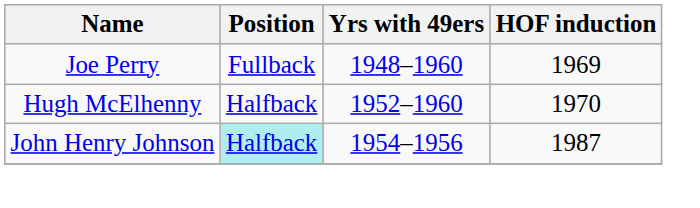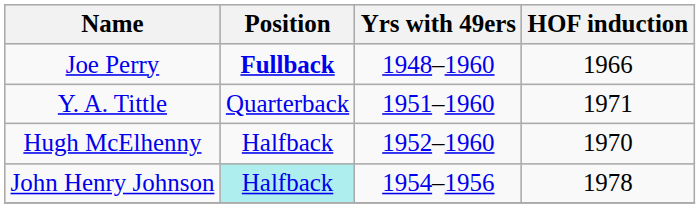 <table class="wikitable" style="text-align:center">
 <tr>
 <th>Name</th>
 <th>Position</th>
 <th>Yrs with 49ers</th>
 <th>HOF induction</th>
 </tr>
 <tr>
 <td><a href='#'>Joe Perry</a></td>
-<td><a href='#'>Fullback</a></td>
+<td><strong><a href='#'>Fullback</a></strong></td>
 <td><a href='#'>1948</a>–<a href='#'>1960</a></td>
-<td>1969</td>
+<td>1966</td>
+</tr>
+<tr>
+<td><a href='#'>Y. A. Tittle</a></td>
+<td><a href='#'>Quarterback</a></td>
+<td><a href='#'>1951</a>–<a href='#'>1960</a></td>
+<td>1971</td>
 </tr>
 <tr>
 <td><a href='#'>Hugh McElhenny</a></td>
 <td><a href='#'>Halfback</a></td>
 <td><a href='#'>1952</a>–<a href='#'>1960</a></td>
 <td>1970</td>
 </tr>
 <tr>
 <td><a href='#'>John Henry Johnson</a></td>
 <td style="background: paleturquoise;"><a href='#'>Halfback</a></td>
 <td><a href='#'>1954</a>–<a href='#'>1956</a></td>
-<td>1987</td>
+<td>1978</td>
 </tr>
 <tr>
 </tr>
 </table>
